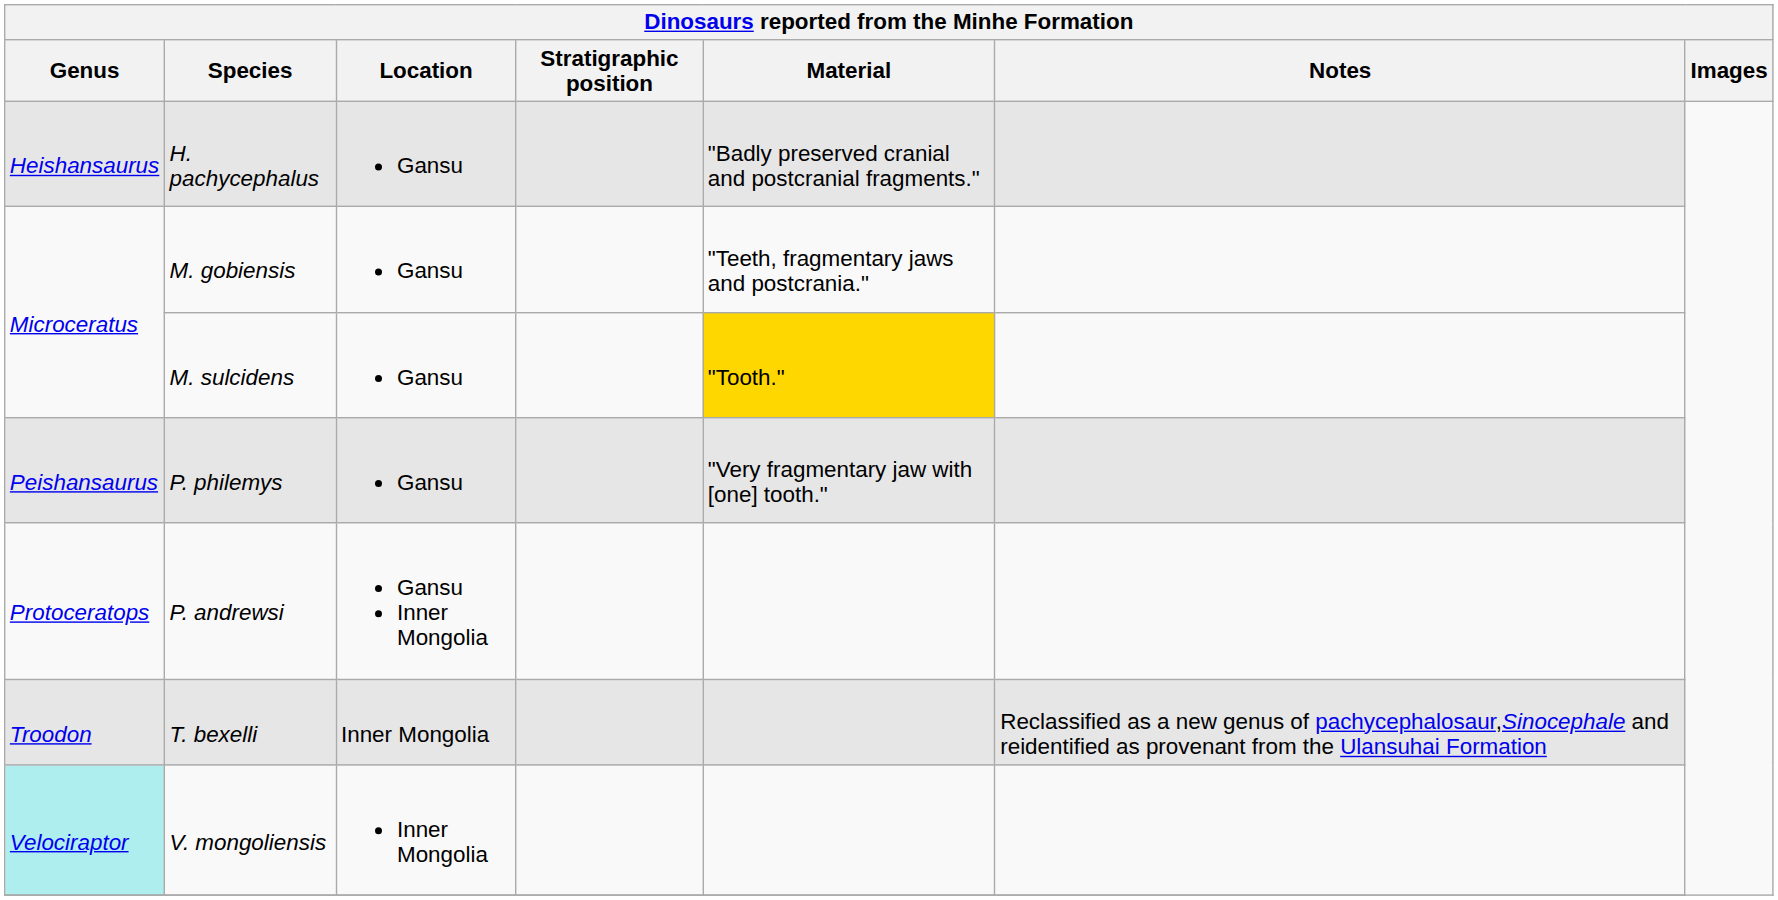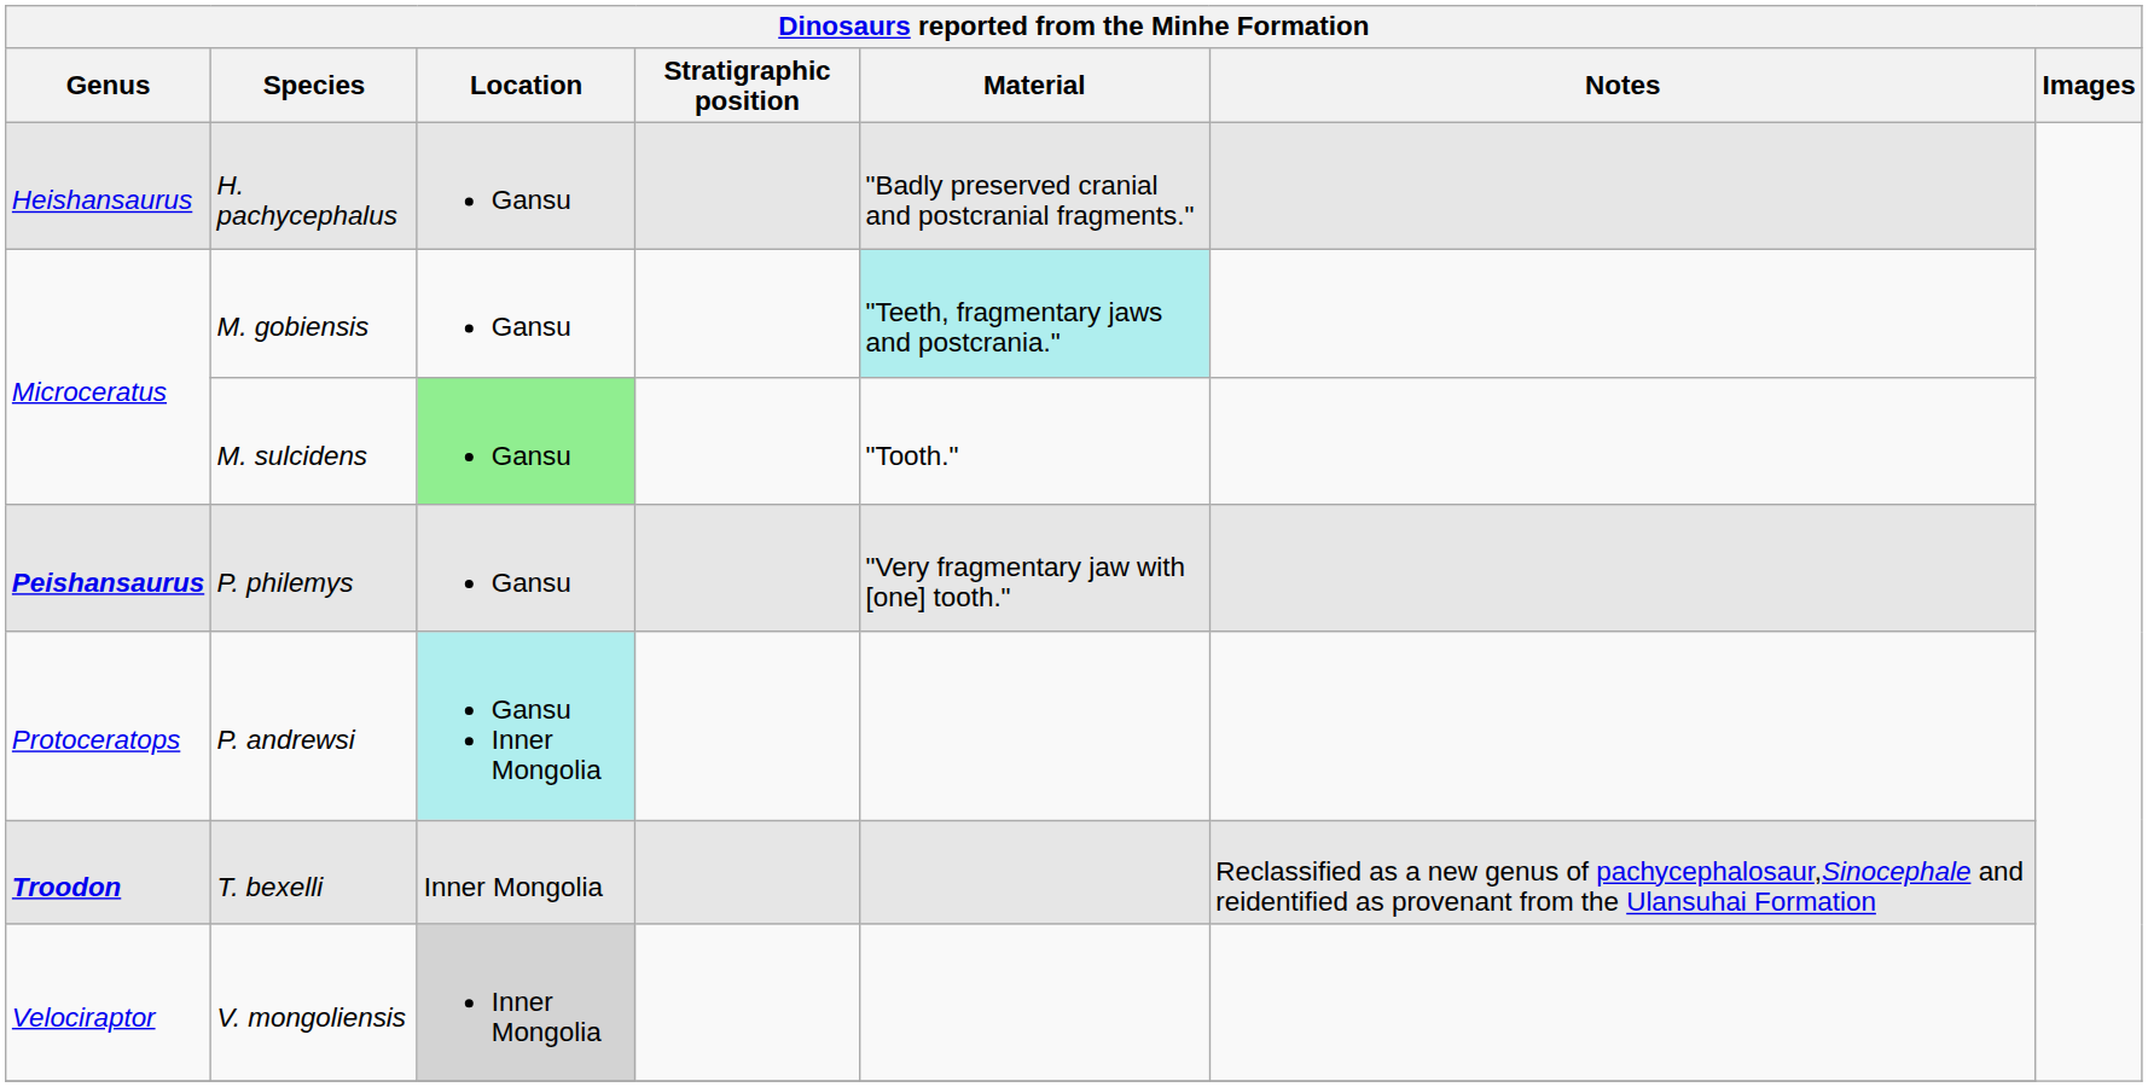 <table class="wikitable" align="center" width="100%">
 <tr>
 <th colspan="7" align="center"><strong><a href='#'>Dinosaurs</a> reported from the Minhe Formation</strong></th>
 </tr>
 <tr>
 <th>Genus</th>
 <th>Species</th>
 <th>Location</th>
 <th>Stratigraphic position</th>
 <th>Material</th>
 <th>Notes</th>
 <th>Images</th>
 </tr>
 <tr>
 <td style="background:#E6E6E6;"><br><em><a href='#'>Heishansaurus</a></em></td>
 <td style="background:#E6E6E6;"><br><em>H. pachycephalus</em></td>
 <td style="background:#E6E6E6;"><br><ul><li>Gansu</li></ul></td>
 <td style="background:#E6E6E6;"></td>
 <td style="background:#E6E6E6;"><br>"Badly preserved cranial and postcranial fragments."</td>
 <td style="background:#E6E6E6;"></td>
 <td rowspan="99"><br> </td>
 </tr>
 <tr>
 <td rowspan="2"><br><em><a href='#'>Microceratus</a></em></td>
 <td><br><em>M. gobiensis</em></td>
 <td><br><ul><li>Gansu</li></ul></td>
 <td></td>
-<td><br>"Teeth, fragmentary jaws and postcrania."</td>
+<td style="background: paleturquoise;"><br>"Teeth, fragmentary jaws and postcrania."</td>
 <td></td>
 </tr>
 <tr>
 <td><br><em>M. sulcidens</em></td>
-<td><br><ul><li>Gansu</li></ul></td>
+<td style="background: lightgreen;"><br><ul><li>Gansu</li></ul></td>
 <td></td>
-<td style="background: gold;"><br>"Tooth."</td>
+<td><br>"Tooth."</td>
 <td></td>
 </tr>
 <tr>
-<td style="background:#E6E6E6;"><br><em><a href='#'>Peishansaurus</a></em></td>
+<td style="background:#E6E6E6;"><strong><br><em><a href='#'>Peishansaurus</a></em></strong></td>
 <td style="background:#E6E6E6;"><br><em>P. philemys</em></td>
 <td style="background:#E6E6E6;"><br><ul><li>Gansu</li></ul></td>
 <td style="background:#E6E6E6;"></td>
 <td style="background:#E6E6E6;"><br>"Very fragmentary jaw with [one] tooth."</td>
 <td style="background:#E6E6E6;"></td>
 </tr>
 <tr>
 <td><br><em><a href='#'>Protoceratops</a></em></td>
 <td><br><em>P. andrewsi</em></td>
-<td><br><ul><li>Gansu</li><li>Inner Mongolia</li></ul></td>
+<td style="background: paleturquoise;"><br><ul><li>Gansu</li><li>Inner Mongolia</li></ul></td>
 <td></td>
 <td></td>
 <td></td>
 </tr>
 <tr>
-<td style="background:#e6e6e6;"><br><em><a href='#'>Troodon</a></em></td>
+<td style="background:#e6e6e6;"><strong><br><em><a href='#'>Troodon</a></em></strong></td>
 <td style="background:#e6e6e6;"><br><em>T. bexelli</em></td>
 <td style="background:#e6e6e6;"><br>Inner Mongolia</td>
 <td style="background:#e6e6e6;"></td>
 <td style="background:#e6e6e6;"></td>
 <td style="background:#e6e6e6;"><br>Reclassified as a new genus of <a href='#'>pachycephalosaur</a>,<em><a href='#'>Sinocephale</a></em> and reidentified as provenant from the <a href='#'>Ulansuhai Formation</a></td>
 </tr>
 <tr>
-<td style="background: paleturquoise;"><br><em><a href='#'>Velociraptor</a></em></td>
+<td><br><em><a href='#'>Velociraptor</a></em></td>
 <td><br><em>V. mongoliensis</em></td>
-<td><br><ul><li>Inner Mongolia</li></ul></td>
+<td style="background: lightgrey;"><br><ul><li>Inner Mongolia</li></ul></td>
 <td></td>
 <td></td>
 <td></td>
 </tr>
 <tr>
 </tr>
 </table>
